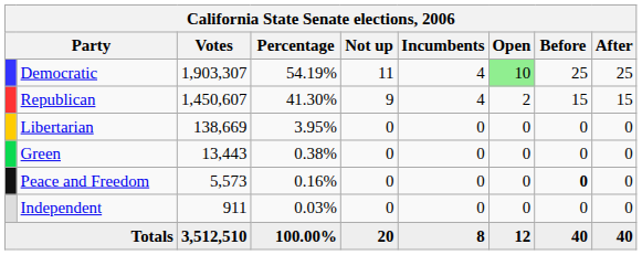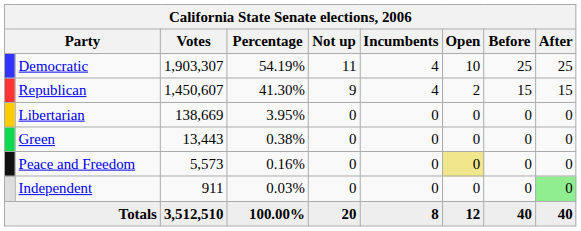 <table class="wikitable" style="font-size:95%;">
 <tr>
 <th colspan="9">California State Senate elections, 2006</th>
 </tr>
 <tr>
 <th colspan=2 style="width: 10em">Party</th>
 <th style="width: 4em">Votes</th>
 <th style="width: 5em">Percentage</th>
 <th style="width: 3em">Not up</th>
 <th style="width: 5em">Incumbents</th>
 <th style="width: 2em">Open</th>
 <th style="width: 3em">Before</th>
 <th style="width: 1em">After</th>
 </tr>
 <tr>
 <th style="background-color:#3333FF; width: 3px"></th>
 <td style="width: 130px"><a href='#'>Democratic</a></td>
 <td align="right">1,903,307</td>
 <td align="right">54.19%</td>
 <td align="right">11</td>
 <td align="right">4</td>
-<td align="right" style="background: lightgreen;">10</td>
+<td align="right">10</td>
 <td align="right">25</td>
 <td align="right">25</td>
 </tr>
 <tr>
 <th style="background-color:#FF3333; width: 3px"></th>
 <td style="width: 130px"><a href='#'>Republican</a></td>
 <td align="right">1,450,607</td>
 <td align="right">41.30%</td>
 <td align="right">9</td>
 <td align="right">4</td>
 <td align="right">2</td>
 <td align="right">15</td>
 <td align="right">15</td>
 </tr>
 <tr>
 <th style="background-color:#FFCC00; width: 3px"></th>
 <td style="width: 130px"><a href='#'>Libertarian</a></td>
 <td align="right">138,669</td>
 <td align="right">3.95%</td>
 <td align="right">0</td>
 <td align="right">0</td>
 <td align="right">0</td>
 <td align="right">0</td>
 <td align="right">0</td>
 </tr>
 <tr>
 <th style="background-color:#0BDA51; width: 3px"></th>
 <td style="width: 130px"><a href='#'>Green</a></td>
 <td align="right">13,443</td>
 <td align="right">0.38%</td>
 <td align="right">0</td>
 <td align="right">0</td>
 <td align="right">0</td>
 <td align="right">0</td>
 <td align="right">0</td>
 </tr>
 <tr>
 <th style="background-color:#111111; width: 3px"></th>
 <td style="width: 130px"><a href='#'>Peace and Freedom</a></td>
 <td align="right">5,573</td>
 <td align="right">0.16%</td>
 <td align="right">0</td>
 <td align="right">0</td>
+<td align="right" style="background: khaki;">0</td>
 <td align="right">0</td>
-<td align="right"><strong>0</strong></td>
 <td align="right">0</td>
 </tr>
 <tr>
 <th style="background-color:#DDDDDD; width: 3px"></th>
 <td style="width: 130px"><a href='#'>Independent</a></td>
 <td align="right">911</td>
 <td align="right">0.03%</td>
 <td align="right">0</td>
 <td align="right">0</td>
 <td align="right">0</td>
 <td align="right">0</td>
-<td align="right">0</td>
+<td align="right" style="background: lightgreen;">0</td>
 </tr>
 <tr bgcolor="#EEEEEE">
 <td colspan="2" align="right"><strong>Totals</strong></td>
 <td align="right"><strong>3,512,510</strong></td>
 <td align="right"><strong>100.00%</strong></td>
 <td align="right"><strong>20</strong></td>
 <td align="right"><strong>8</strong></td>
 <td align="right"><strong>12</strong></td>
 <td align="right"><strong>40</strong></td>
 <td align="right"><strong>40</strong></td>
 </tr>
 </table>
